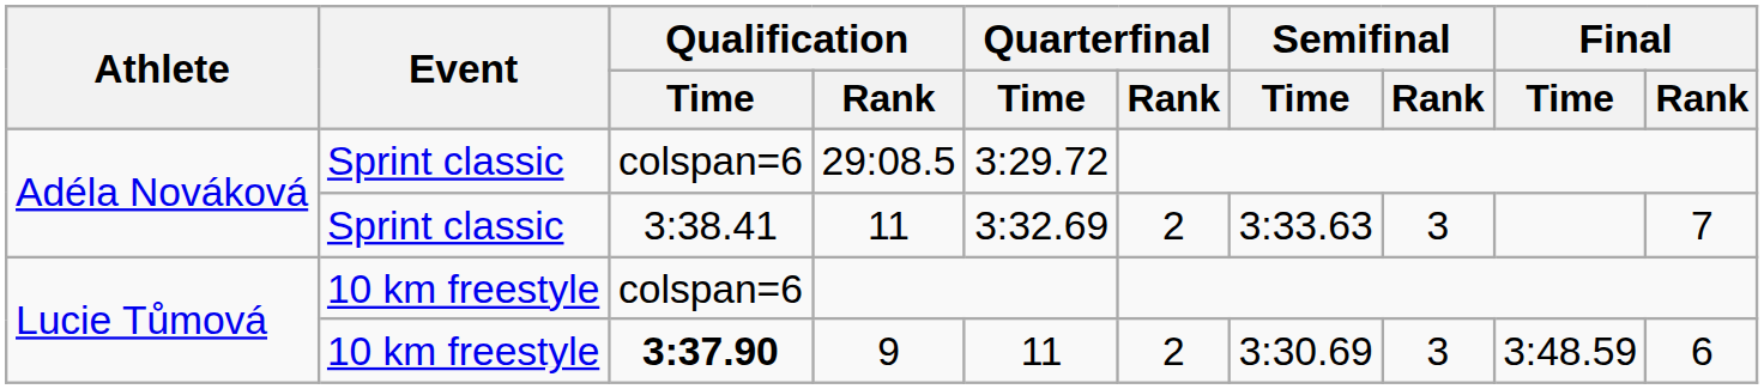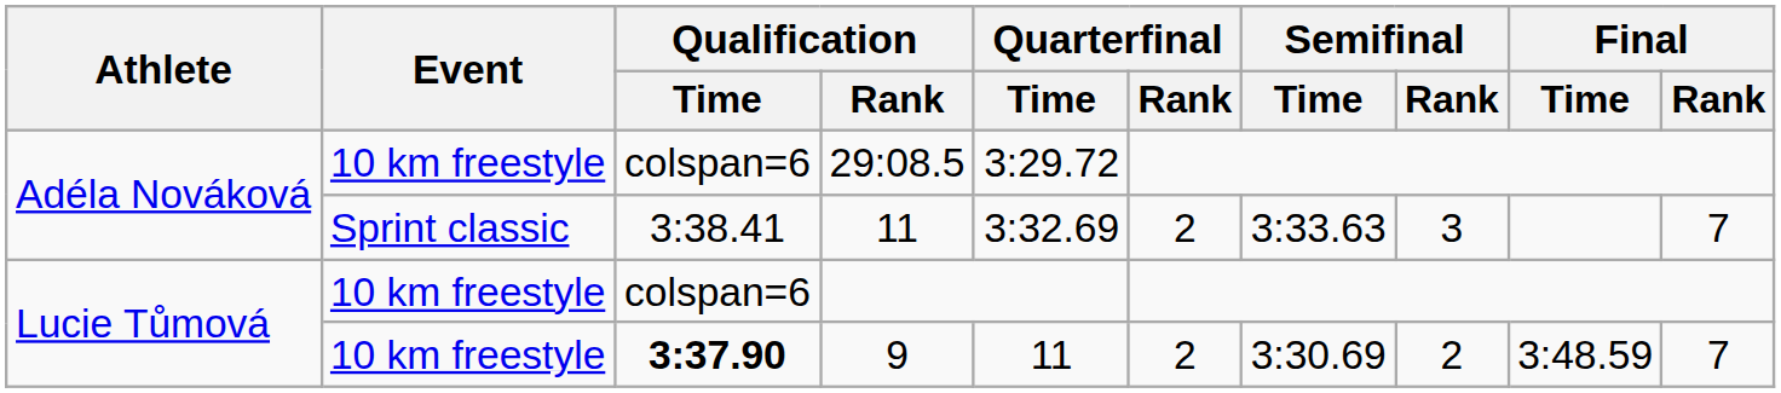 <table class="wikitable" style="font-size:90%">
 <tr>
 <th rowspan="2">Athlete</th>
 <th rowspan="2">Event</th>
 <th colspan="2">Qualification</th>
 <th colspan="2">Quarterfinal</th>
 <th colspan="2">Semifinal</th>
 <th colspan="2">Final</th>
 </tr>
 <tr style="font-size:95%">
 <th>Time</th>
 <th>Rank</th>
 <th>Time</th>
 <th>Rank</th>
 <th>Time</th>
 <th>Rank</th>
 <th>Time</th>
 <th>Rank</th>
 </tr>
 <tr align=center>
 <td rowspan="2" align="left"><a href='#'>Adéla Nováková</a></td>
-<td align=left><a href='#'>Sprint classic</a></td>
+<td align=left><a href='#'>10 km freestyle</a></td>
 <td>colspan=6 </td>
 <td>29:08.5</td>
 <td>3:29.72</td>
 </tr>
 <tr align=center>
 <td align=left><a href='#'>Sprint classic</a></td>
 <td>3:38.41</td>
 <td>11</td>
 <td>3:32.69</td>
 <td>2</td>
 <td>3:33.63</td>
 <td>3</td>
 <td></td>
 <td>7</td>
 </tr>
 <tr align="center">
 <td rowspan="2" align="left"><a href='#'>Lucie Tůmová</a></td>
 <td align="left"><a href='#'>10 km freestyle</a></td>
 <td>colspan=6 </td>
 <td colspan="2"></td>
 </tr>
 <tr align=center>
 <td align="left"><a href='#'>10 km freestyle</a></td>
 <td><strong>3:37.90</strong></td>
 <td>9</td>
 <td>11</td>
 <td>2</td>
 <td>3:30.69</td>
-<td>3</td>
+<td>2</td>
 <td>3:48.59</td>
-<td>6</td>
+<td>7</td>
 </tr>
 </table>
